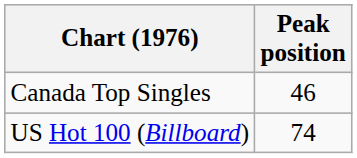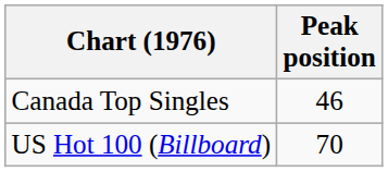 <table class="wikitable sortable">
 <tr>
 <th>Chart (1976)</th>
 <th>Peak<br>position</th>
 </tr>
 <tr>
 <td>Canada Top Singles</td>
 <td align="center">46</td>
 </tr>
 <tr>
 <td>US <a href='#'>Hot 100</a> (<em><a href='#'>Billboard</a></em>)</td>
-<td align="center">74</td>
+<td align="center">70</td>
 </tr>
 </table>
